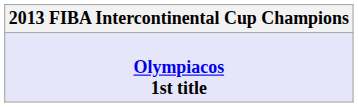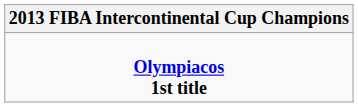 <table class=wikitable style="text-align:center; margin:auto">
 <tr>
 <th>2013 FIBA Intercontinental Cup Champions</th>
 </tr>
 <tr>
-<td style="background: lavender;"><br> <strong><a href='#'>Olympiacos</a></strong> <br> <strong>1st title</strong></td>
+<td><br> <strong><a href='#'>Olympiacos</a></strong> <br> <strong>1st title</strong></td>
 </tr>
 </table>
